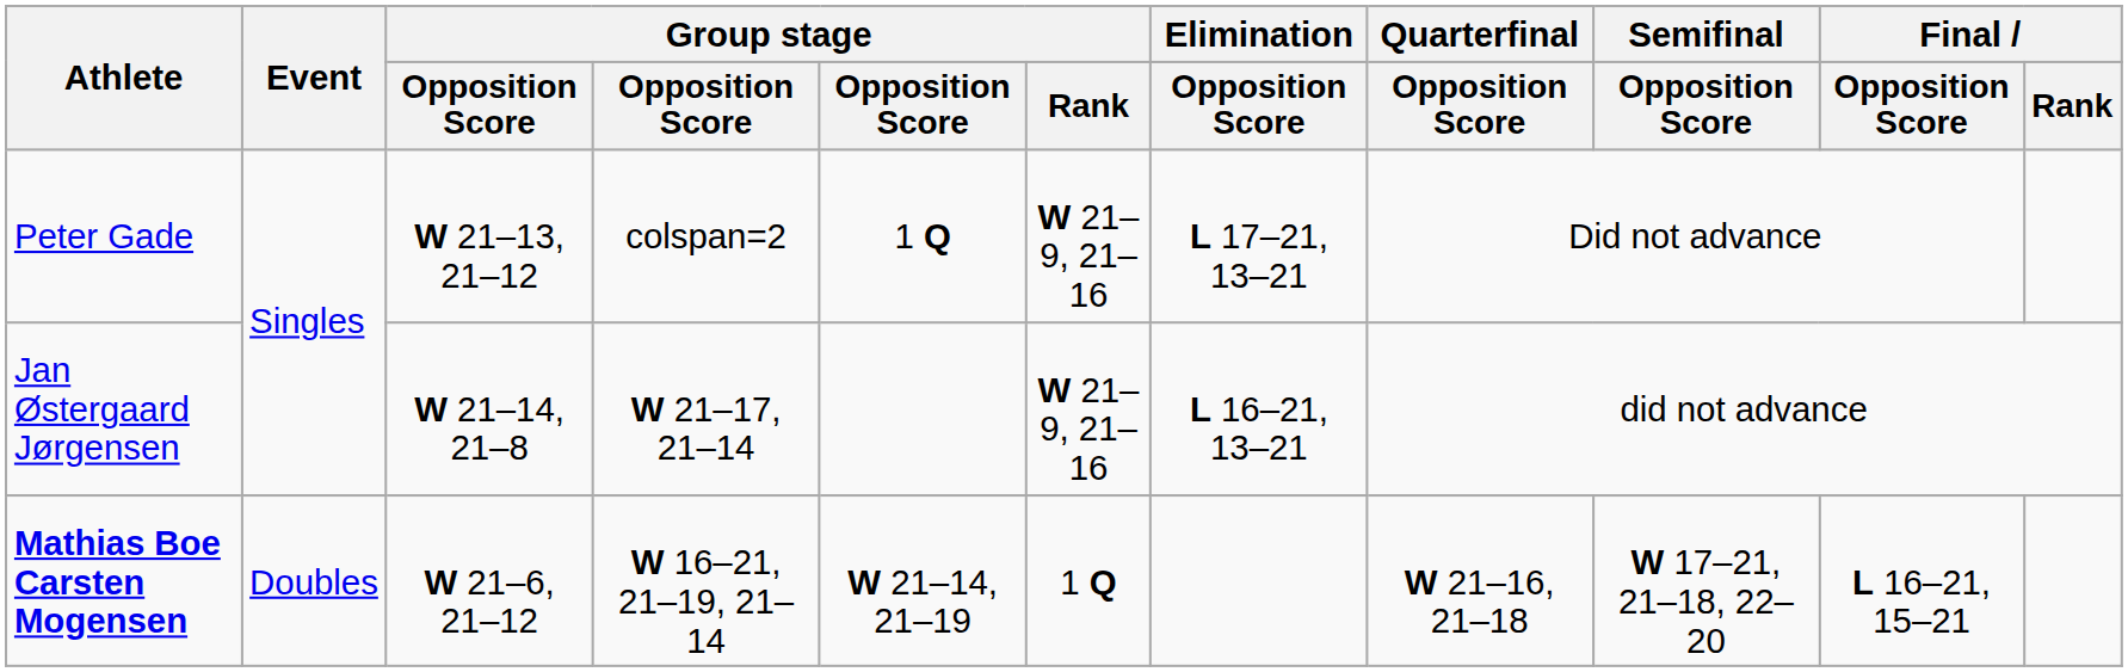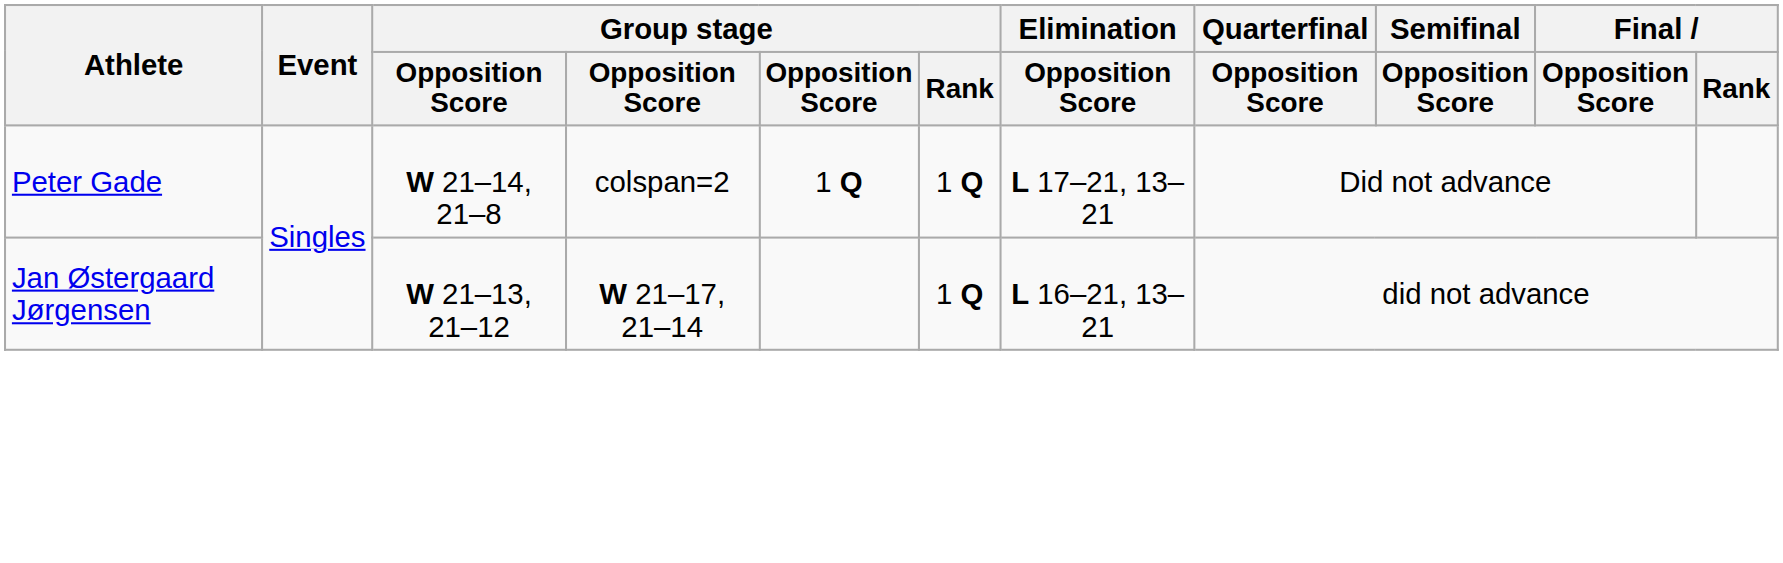 <table class=wikitable style="font-size:90%">
 <tr>
 <th rowspan=2>Athlete</th>
 <th rowspan=2>Event</th>
 <th colspan=4>Group stage</th>
 <th>Elimination</th>
 <th>Quarterfinal</th>
 <th>Semifinal</th>
 <th colspan=2>Final / </th>
 </tr>
 <tr style="font-size:95%">
 <th>Opposition<br>Score</th>
 <th>Opposition<br>Score</th>
 <th>Opposition<br>Score</th>
 <th>Rank</th>
 <th>Opposition<br>Score</th>
 <th>Opposition<br>Score</th>
 <th>Opposition<br>Score</th>
 <th>Opposition<br>Score</th>
 <th>Rank</th>
 </tr>
 <tr align=center>
 <td align=left><a href='#'>Peter Gade</a></td>
 <td align=left rowspan=2><a href='#'>Singles</a></td>
-<td><br><strong>W</strong> 21–13, 21–12</td>
+<td><br><strong>W</strong> 21–14, 21–8</td>
 <td>colspan=2 </td>
 <td>1 <strong>Q</strong></td>
-<td><br><strong>W</strong> 21–9, 21–16</td>
+<td>1 <strong>Q</strong></td>
 <td><br><strong>L</strong> 17–21, 13–21</td>
 <td colspan="3">Did not advance</td>
 </tr>
 <tr align=center>
 <td align=left><a href='#'>Jan Østergaard Jørgensen</a></td>
-<td><br><strong>W</strong> 21–14, 21–8</td>
+<td><br><strong>W</strong> 21–13, 21–12</td>
 <td><br><strong>W</strong> 21–17, 21–14</td>
 <td></td>
-<td><br><strong>W</strong> 21–9, 21–16</td>
+<td>1 <strong>Q</strong></td>
 <td><br><strong>L</strong> 16–21, 13–21</td>
 <td colspan="4">did not advance</td>
 </tr>
-<tr align=center>
-<td align=left><strong><a href='#'>Mathias Boe</a><br><a href='#'>Carsten Mogensen</a></strong></td>
-<td align=left><a href='#'>Doubles</a></td>
-<td><br><strong>W</strong> 21–6, 21–12</td>
-<td><br><strong>W</strong> 16–21, 21–19, 21–14</td>
-<td><br><strong>W</strong> 21–14, 21–19</td>
-<td>1 <strong>Q</strong></td>
-<td></td>
-<td><br><strong>W</strong> 21–16, 21–18</td>
-<td><br><strong>W</strong> 17–21, 21–18, 22–20</td>
-<td><br><strong>L</strong> 16–21, 15–21</td>
-<td></td>
-</tr>
 </table>
